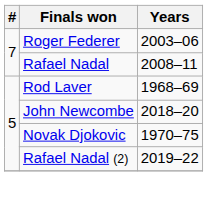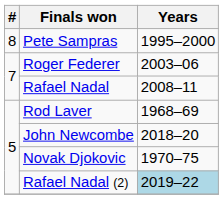 <table class="wikitable" style="display:inline-table">
 <tr>
 <th width=2>#</th>
 <th>Finals won</th>
 <th>Years</th>
+</tr>
+<tr>
+<td>8</td>
+<td> <a href='#'>Pete Sampras</a></td>
+<td>1995–2000</td>
 </tr>
 <tr>
 <td rowspan="2">7</td>
 <td> <a href='#'>Roger Federer</a></td>
 <td>2003–06</td>
 </tr>
 <tr>
 <td> <a href='#'>Rafael Nadal</a></td>
 <td>2008–11</td>
 </tr>
 <tr>
 <td rowspan="4">5</td>
 <td> <a href='#'>Rod Laver</a></td>
 <td>1968–69</td>
 </tr>
 <tr>
 <td> <a href='#'>John Newcombe</a></td>
 <td>2018–20</td>
 </tr>
 <tr>
 <td> <a href='#'>Novak Djokovic</a></td>
 <td>1970–75</td>
 </tr>
 <tr>
 <td> <a href='#'>Rafael Nadal</a> <small>(2)</small></td>
-<td>2019–22</td>
+<td style="background: lightblue;">2019–22</td>
 </tr>
 <tr>
 </tr>
 </table>
